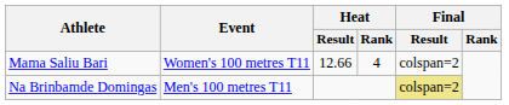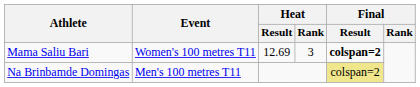 <table class="wikitable" style="text-align: center; font-size:90%">
 <tr>
 <th rowspan="2">Athlete</th>
 <th rowspan="2">Event</th>
 <th colspan="2">Heat</th>
 <th colspan="2">Final</th>
 </tr>
 <tr style="font-size:95%">
 <th>Result</th>
 <th>Rank</th>
 <th>Result</th>
 <th>Rank</th>
 </tr>
 <tr>
 <td align=left><a href='#'>Mama Saliu Bari</a></td>
 <td align=left><a href='#'>Women's 100 metres T11</a></td>
-<td>12.66 </td>
-<td>4</td>
-<td>colspan=2 </td>
+<td>12.69 </td>
+<td>3</td>
+<td><strong>colspan=2 </strong></td>
 </tr>
 <tr>
 <td align=left><a href='#'>Na Brinbamde Domingas</a></td>
 <td align=left><a href='#'>Men's 100 metres T11</a></td>
 <td colspan=2></td>
 <td style="background: khaki;">colspan=2 </td>
 </tr>
 </table>
